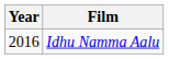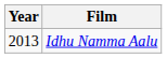 <table class="wikitable">
 <tr>
 <th>Year</th>
 <th>Film</th>
 </tr>
 <tr --->
-<td rowspan="1">2016</td>
+<td rowspan="1">2013</td>
 <td><em><a href='#'>Idhu Namma Aalu</a></em></td>
 </tr>
 </table>
